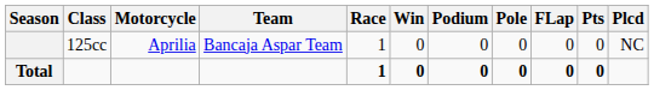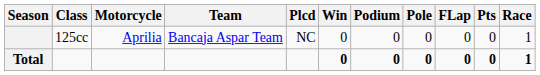 <table class="wikitable" style=text-align:right>
 <tr>
 <th>Season</th>
 <th>Class</th>
 <th>Motorcycle</th>
 <th>Team</th>
-<th>Race</th>
+<th>Plcd</th>
 <th>Win</th>
 <th>Podium</th>
 <th>Pole</th>
 <th>FLap</th>
 <th>Pts</th>
-<th>Plcd</th>
+<th>Race</th>
 </tr>
 <tr>
 <th></th>
 <td>125cc</td>
 <td><a href='#'>Aprilia</a></td>
 <td><a href='#'>Bancaja Aspar Team</a></td>
-<td>1</td>
+<td>NC</td>
 <td>0</td>
 <td>0</td>
 <td>0</td>
 <td>0</td>
 <td>0</td>
-<td>NC</td>
+<td>1</td>
 </tr>
 <tr>
 <th>Total</th>
 <td></td>
 <td></td>
 <td></td>
-<td><strong>1</strong></td>
+<td></td>
 <td><strong>0</strong></td>
 <td><strong>0</strong></td>
 <td><strong>0</strong></td>
 <td><strong>0</strong></td>
 <td><strong>0</strong></td>
-<td></td>
+<td><strong>1</strong></td>
 </tr>
 </table>
